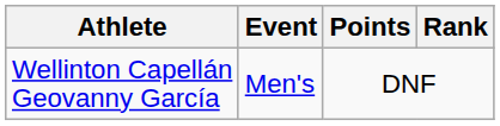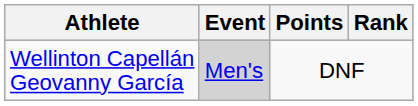 <table class=wikitable style="font-size:90%">
 <tr>
 <th>Athlete</th>
 <th>Event</th>
 <th>Points</th>
 <th>Rank</th>
 </tr>
 <tr align=center>
 <td align=left><a href='#'>Wellinton Capellán</a><br><a href='#'>Geovanny García</a></td>
-<td align=left><a href='#'>Men's</a></td>
+<td align=left style="background: lightgrey;"><a href='#'>Men's</a></td>
 <td colspan=2>DNF</td>
 </tr>
 </table>
